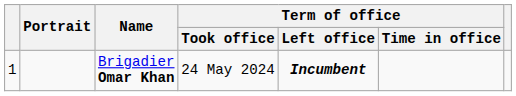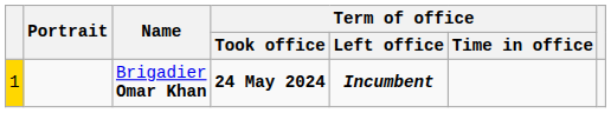 <table class="wikitable" style="text-align:center">
 <tr>
 <th rowspan=2></th>
 <th rowspan=2>Portrait</th>
 <th rowspan=2>Name<br></th>
 <th colspan=3>Term of office</th>
 <th rowspan=2></th>
 </tr>
 <tr>
 <th>Took office</th>
 <th>Left office</th>
 <th>Time in office</th>
 </tr>
 <tr>
-<td>1</td>
+<td style="background: gold;">1</td>
 <td></td>
 <td><a href='#'>Brigadier</a><br><strong>Omar Khan</strong></td>
-<td>24 May 2024</td>
+<td><strong>24 May 2024</strong></td>
 <td><strong><em>Incumbent</em></strong></td>
 <td></td>
 <td></td>
 </tr>
 </table>
